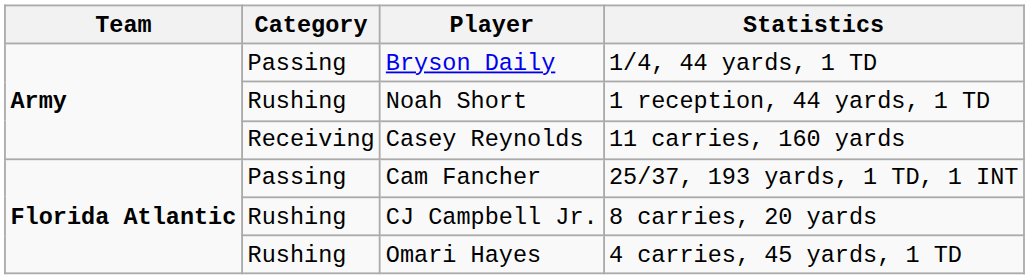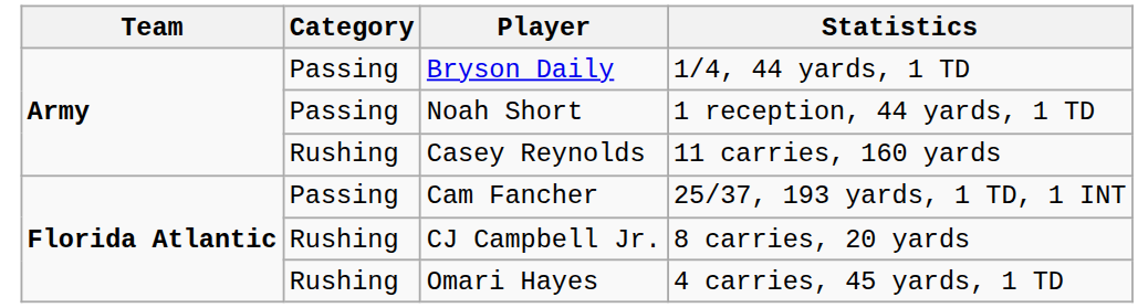 <table class="wikitable" style="float: right;">
 <tr>
 <th>Team</th>
 <th>Category</th>
 <th>Player</th>
 <th>Statistics</th>
 </tr>
 <tr>
 <td rowspan=3><strong>Army</strong></td>
 <td>Passing</td>
 <td><a href='#'>Bryson Daily</a></td>
 <td>1/4, 44 yards, 1 TD</td>
 </tr>
 <tr>
-<td>Rushing</td>
+<td>Passing</td>
 <td>Noah Short</td>
 <td>1 reception, 44 yards, 1 TD</td>
 </tr>
 <tr>
-<td>Receiving</td>
+<td>Rushing</td>
 <td>Casey Reynolds</td>
 <td>11 carries, 160 yards</td>
 </tr>
 <tr>
 <td rowspan=3><strong>Florida Atlantic</strong></td>
 <td>Passing</td>
 <td>Cam Fancher</td>
 <td>25/37, 193 yards, 1 TD, 1 INT</td>
 </tr>
 <tr>
 <td>Rushing</td>
 <td>CJ Campbell Jr.</td>
 <td>8 carries, 20 yards</td>
 </tr>
 <tr>
 <td>Rushing</td>
 <td>Omari Hayes</td>
 <td>4 carries, 45 yards, 1 TD</td>
 </tr>
 </table>
